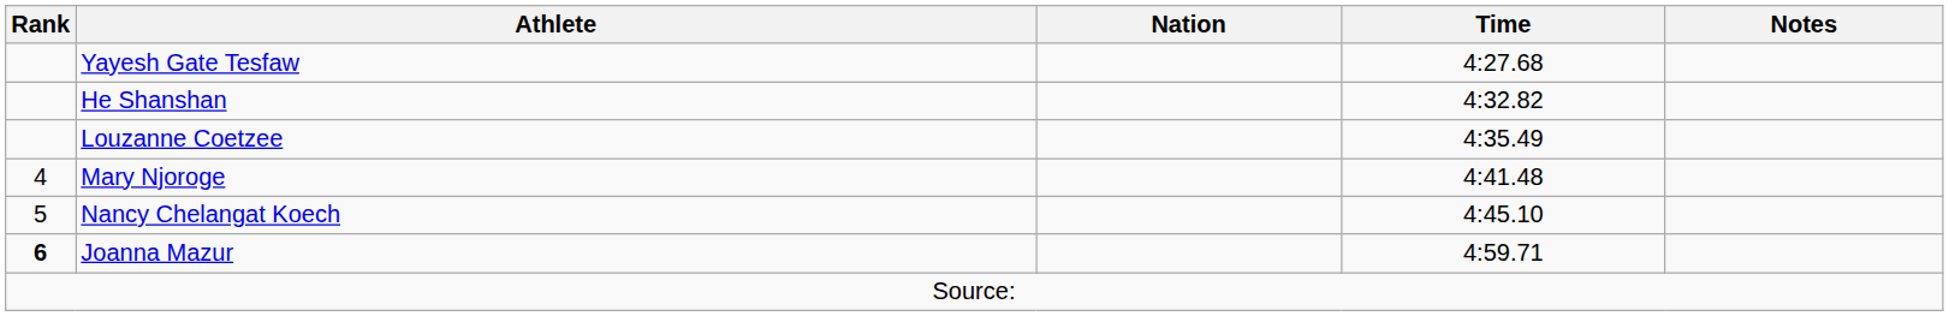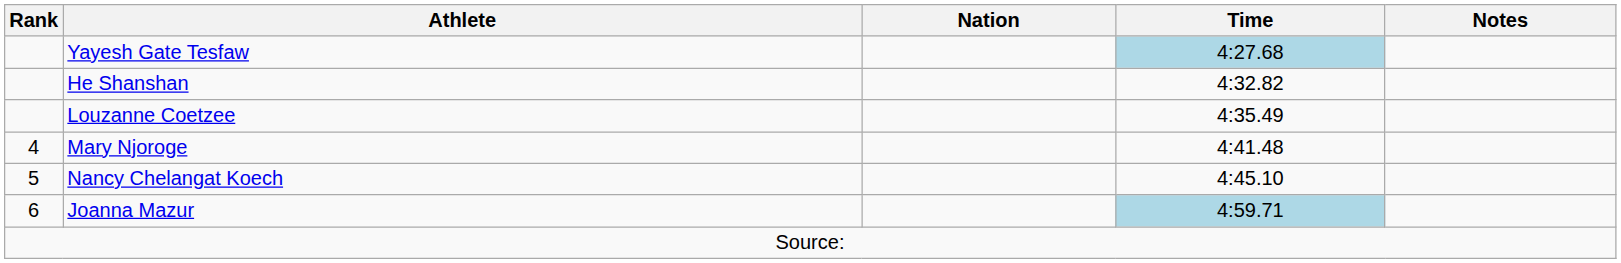 <table class="wikitable sortable" style="text-align:center;width: 65%;">
 <tr>
 <th scope="col" style="width: 10px;">Rank</th>
 <th scope="col">Athlete</th>
 <th scope="col">Nation</th>
 <th scope="col">Time</th>
 <th scope="col">Notes</th>
 </tr>
 <tr>
 <td></td>
 <td align=left><a href='#'>Yayesh Gate Tesfaw</a><br></td>
 <td align=left></td>
-<td>4:27.68</td>
+<td style="background: lightblue;">4:27.68</td>
 <td><strong></strong></td>
 </tr>
 <tr>
 <td></td>
 <td align=left><a href='#'>He Shanshan</a><br></td>
 <td align=left></td>
 <td>4:32.82</td>
 <td></td>
 </tr>
 <tr>
 <td></td>
 <td align=left><a href='#'>Louzanne Coetzee</a><br></td>
 <td align=left></td>
 <td>4:35.49</td>
 <td></td>
 </tr>
 <tr>
 <td>4</td>
 <td align=left><a href='#'>Mary Njoroge</a><br></td>
 <td align=left></td>
 <td>4:41.48</td>
 <td></td>
 </tr>
 <tr>
 <td>5</td>
 <td align=left><a href='#'>Nancy Chelangat Koech</a><br></td>
 <td align=left></td>
 <td>4:45.10</td>
 <td></td>
 </tr>
 <tr>
-<td><strong>6</strong></td>
+<td>6</td>
 <td align=left><a href='#'>Joanna Mazur</a><br></td>
 <td align=left></td>
-<td>4:59.71</td>
+<td style="background: lightblue;">4:59.71</td>
 <td></td>
 </tr>
 <tr class="sortbottom">
 <td colspan="5">Source:</td>
 </tr>
 </table>
